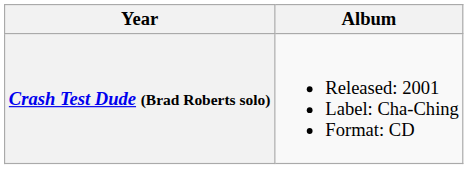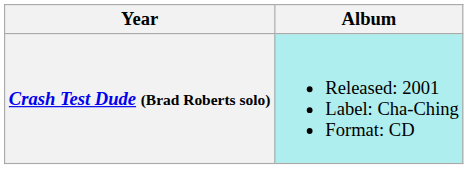 <table class="wikitable plainrowheaders">
 <tr>
 <th>Year</th>
 <th>Album</th>
 </tr>
 <tr>
 <th scope="row"><em><a href='#'>Crash Test Dude</a></em> <small>(Brad Roberts solo)</small></th>
-<td><br><ul><li>Released: 2001</li><li>Label: Cha-Ching</li><li>Format: CD</li></ul></td>
+<td style="background: paleturquoise;"><br><ul><li>Released: 2001</li><li>Label: Cha-Ching</li><li>Format: CD</li></ul></td>
 </tr>
 </table>
